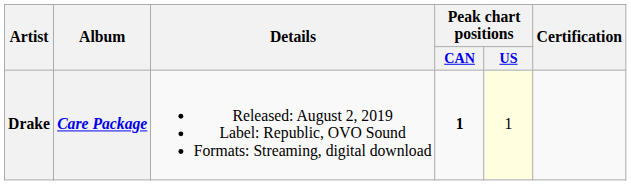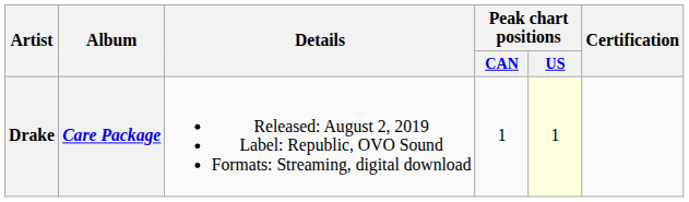 <table class="wikitable plainrowheaders" style="text-align:center;">
 <tr>
 <th rowspan="2">Artist</th>
 <th rowspan="2">Album</th>
 <th rowspan="2">Details</th>
 <th scope="col" colspan="2">Peak chart positions</th>
 <th rowspan="2">Certification</th>
 </tr>
 <tr>
 <th scope="col" style="width:3em;font-size:90%;"><a href='#'>CAN</a></th>
 <th scope="col" style="width:3em;font-size:90%;"><a href='#'>US</a></th>
 </tr>
 <tr>
 <th scope="row">Drake</th>
 <th scope="row"><em><a href='#'>Care Package</a></em></th>
 <td><br><ul><li>Released: August 2, 2019</li><li>Label: Republic, OVO Sound</li><li>Formats: Streaming, digital download</li></ul></td>
-<td><strong>1</strong></td>
+<td>1</td>
 <td style="background: lightyellow;">1</td>
 <td></td>
 </tr>
 </table>
